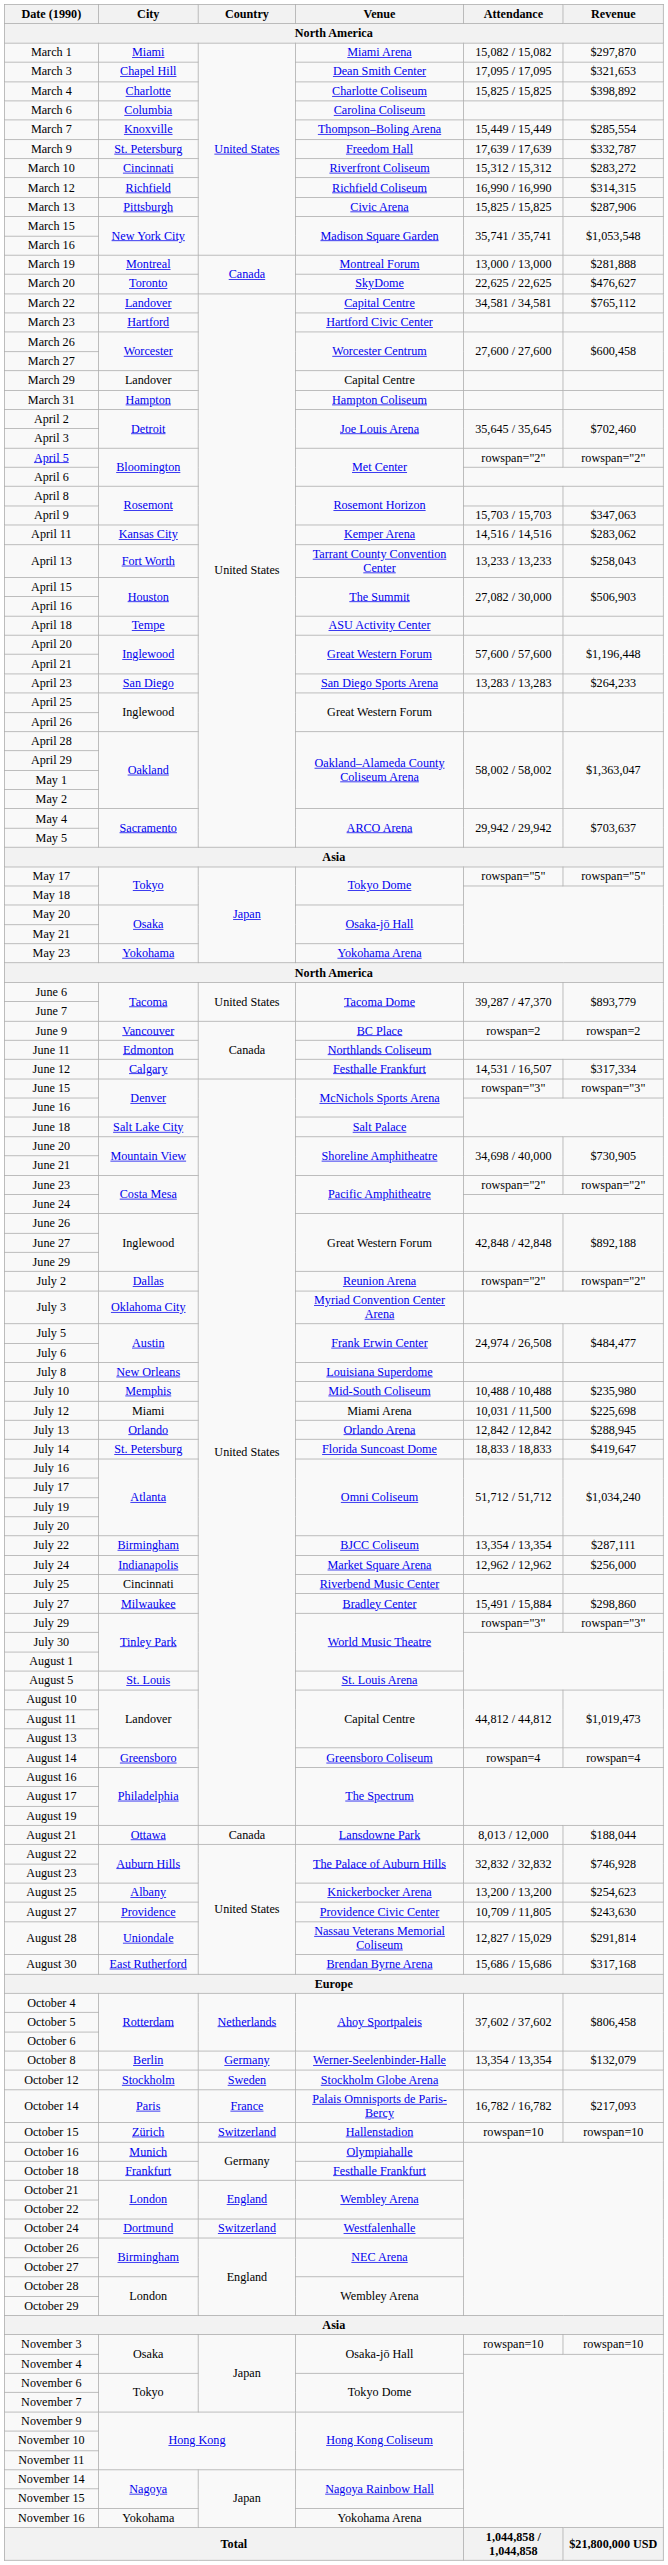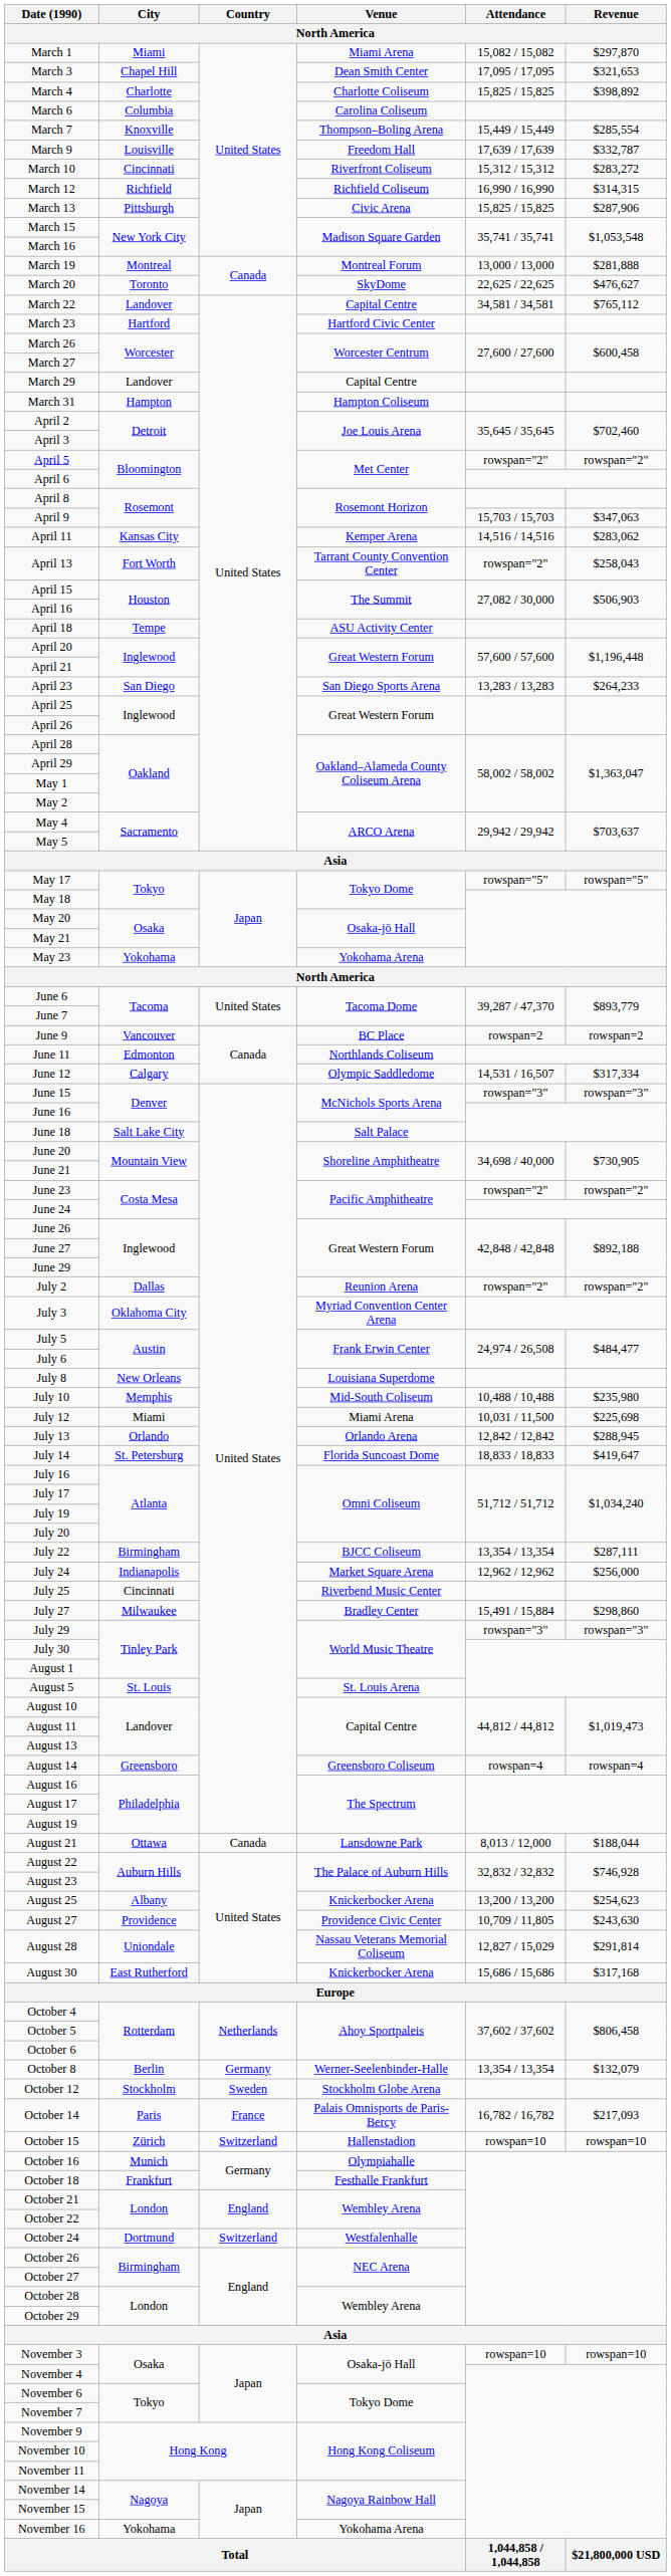 <table class="wikitable" style="text-align:center;">
 <tr>
 <th scope="col" style="width:10em;">Date (1990)</th>
 <th scope="col" style="width:10em;">City</th>
 <th scope="col" style="width:10em;">Country</th>
 <th scope="col" style="width:20em;">Venue</th>
 <th scope="col" style="width:10em;">Attendance</th>
 <th scope="col" style="width:10em;">Revenue</th>
 </tr>
 <tr>
 <th colspan="6">North America</th>
 </tr>
 <tr>
 <td>March 1</td>
 <td><a href='#'>Miami</a></td>
 <td rowspan="11"><a href='#'>United States</a></td>
 <td><a href='#'>Miami Arena</a></td>
 <td>15,082 / 15,082</td>
 <td>$297,870</td>
 </tr>
 <tr>
 <td>March 3</td>
 <td><a href='#'>Chapel Hill</a></td>
 <td><a href='#'>Dean Smith Center</a></td>
 <td>17,095 / 17,095</td>
 <td>$321,653</td>
 </tr>
 <tr>
 <td>March 4</td>
 <td><a href='#'>Charlotte</a></td>
 <td><a href='#'>Charlotte Coliseum</a></td>
 <td>15,825 / 15,825</td>
 <td>$398,892</td>
 </tr>
 <tr>
 <td>March 6</td>
 <td><a href='#'>Columbia</a></td>
 <td><a href='#'>Carolina Coliseum</a></td>
 <td></td>
 <td></td>
 </tr>
 <tr>
 <td>March 7</td>
 <td><a href='#'>Knoxville</a></td>
 <td><a href='#'>Thompson–Boling Arena</a></td>
 <td>15,449 / 15,449</td>
 <td>$285,554</td>
 </tr>
 <tr>
 <td>March 9</td>
-<td><a href='#'>St. Petersburg</a></td>
+<td><a href='#'>Louisville</a></td>
 <td><a href='#'>Freedom Hall</a></td>
 <td>17,639 / 17,639</td>
 <td>$332,787</td>
 </tr>
 <tr>
 <td>March 10</td>
 <td><a href='#'>Cincinnati</a></td>
 <td><a href='#'>Riverfront Coliseum</a></td>
 <td>15,312 / 15,312</td>
 <td>$283,272</td>
 </tr>
 <tr>
 <td>March 12</td>
 <td><a href='#'>Richfield</a></td>
 <td><a href='#'>Richfield Coliseum</a></td>
 <td>16,990 / 16,990</td>
 <td>$314,315</td>
 </tr>
 <tr>
 <td>March 13</td>
 <td><a href='#'>Pittsburgh</a></td>
 <td><a href='#'>Civic Arena</a></td>
 <td>15,825 / 15,825</td>
 <td>$287,906</td>
 </tr>
 <tr>
 <td>March 15</td>
 <td rowspan="2"><a href='#'>New York City</a></td>
 <td rowspan="2"><a href='#'>Madison Square Garden</a></td>
 <td rowspan="2">35,741 / 35,741</td>
 <td rowspan="2">$1,053,548</td>
 </tr>
 <tr>
 <td>March 16</td>
 </tr>
 <tr>
 <td>March 19</td>
 <td><a href='#'>Montreal</a></td>
 <td rowspan="2"><a href='#'>Canada</a></td>
 <td><a href='#'>Montreal Forum</a></td>
 <td>13,000 / 13,000</td>
 <td>$281,888</td>
 </tr>
 <tr>
 <td>March 20</td>
 <td><a href='#'>Toronto</a></td>
 <td><a href='#'>SkyDome</a></td>
 <td>22,625 / 22,625</td>
 <td>$476,627</td>
 </tr>
 <tr>
 <td>March 22</td>
 <td><a href='#'>Landover</a></td>
 <td rowspan="28">United States</td>
 <td><a href='#'>Capital Centre</a></td>
 <td>34,581 / 34,581</td>
 <td>$765,112</td>
 </tr>
 <tr>
 <td>March 23</td>
 <td><a href='#'>Hartford</a></td>
 <td><a href='#'>Hartford Civic Center</a></td>
 <td></td>
 <td></td>
 </tr>
 <tr>
 <td>March 26</td>
 <td rowspan="2"><a href='#'>Worcester</a></td>
 <td rowspan="2"><a href='#'>Worcester Centrum</a></td>
 <td rowspan="2">27,600 / 27,600</td>
 <td rowspan="2">$600,458</td>
 </tr>
 <tr>
 <td>March 27</td>
 </tr>
 <tr>
 <td>March 29</td>
 <td>Landover</td>
 <td>Capital Centre</td>
 <td></td>
 <td></td>
 </tr>
 <tr>
 <td>March 31</td>
 <td><a href='#'>Hampton</a></td>
 <td><a href='#'>Hampton Coliseum</a></td>
 <td></td>
 <td></td>
 </tr>
 <tr>
 <td>April 2</td>
 <td rowspan="2"><a href='#'>Detroit</a></td>
 <td rowspan="2"><a href='#'>Joe Louis Arena</a></td>
 <td rowspan="2">35,645 / 35,645</td>
 <td rowspan="2">$702,460</td>
 </tr>
 <tr>
 <td>April 3</td>
 </tr>
 <tr>
 <td><a href='#'>April 5</a></td>
 <td rowspan="2"><a href='#'>Bloomington</a></td>
 <td rowspan="2"><a href='#'>Met Center</a></td>
 <td>rowspan="2" </td>
 <td>rowspan="2" </td>
 </tr>
 <tr>
 <td>April 6</td>
 </tr>
 <tr>
 <td>April 8</td>
 <td rowspan="2"><a href='#'>Rosemont</a></td>
 <td rowspan="2"><a href='#'>Rosemont Horizon</a></td>
 <td></td>
 <td></td>
 </tr>
 <tr>
 <td>April 9</td>
 <td>15,703 / 15,703</td>
 <td>$347,063</td>
 </tr>
 <tr>
 <td>April 11</td>
 <td><a href='#'>Kansas City</a></td>
 <td><a href='#'>Kemper Arena</a></td>
 <td>14,516 / 14,516</td>
 <td>$283,062</td>
 </tr>
 <tr>
 <td>April 13</td>
 <td><a href='#'>Fort Worth</a></td>
 <td><a href='#'>Tarrant County Convention Center</a></td>
-<td>13,233 / 13,233</td>
+<td>rowspan="2" </td>
 <td>$258,043</td>
 </tr>
 <tr>
 <td>April 15</td>
 <td rowspan="2"><a href='#'>Houston</a></td>
 <td rowspan="2"><a href='#'>The Summit</a></td>
 <td rowspan="2">27,082 / 30,000</td>
 <td rowspan="2">$506,903</td>
 </tr>
 <tr>
 <td>April 16</td>
 </tr>
 <tr>
 <td>April 18</td>
 <td><a href='#'>Tempe</a></td>
 <td><a href='#'>ASU Activity Center</a></td>
 <td></td>
 <td></td>
 </tr>
 <tr>
 <td>April 20</td>
 <td rowspan="2"><a href='#'>Inglewood</a></td>
 <td rowspan="2"><a href='#'>Great Western Forum</a></td>
 <td rowspan="2">57,600 / 57,600</td>
 <td rowspan="2">$1,196,448</td>
 </tr>
 <tr>
 <td>April 21</td>
 </tr>
 <tr>
 <td>April 23</td>
 <td><a href='#'>San Diego</a></td>
 <td><a href='#'>San Diego Sports Arena</a></td>
 <td>13,283 / 13,283</td>
 <td>$264,233</td>
 </tr>
 <tr>
 <td>April 25</td>
 <td rowspan="2">Inglewood</td>
 <td rowspan="2">Great Western Forum</td>
 <td rowspan="2"></td>
 <td rowspan="2"></td>
 </tr>
 <tr>
 <td>April 26</td>
 </tr>
 <tr>
 <td>April 28</td>
 <td rowspan="4"><a href='#'>Oakland</a></td>
 <td rowspan="4"><a href='#'>Oakland–Alameda County Coliseum Arena</a></td>
 <td rowspan="4">58,002 / 58,002</td>
 <td rowspan="4">$1,363,047</td>
 </tr>
 <tr>
 <td>April 29</td>
 </tr>
 <tr>
 <td>May 1</td>
 </tr>
 <tr>
 <td>May 2</td>
 </tr>
 <tr>
 <td>May 4</td>
 <td rowspan="2"><a href='#'>Sacramento</a></td>
 <td rowspan="2"><a href='#'>ARCO Arena</a></td>
 <td rowspan="2">29,942 / 29,942</td>
 <td rowspan="2">$703,637</td>
 </tr>
 <tr>
 <td>May 5</td>
 </tr>
 <tr>
 <th colspan="6">Asia</th>
 </tr>
 <tr>
 <td>May 17</td>
 <td rowspan="2"><a href='#'>Tokyo</a></td>
 <td rowspan="5"><a href='#'>Japan</a></td>
 <td rowspan="2"><a href='#'>Tokyo Dome</a></td>
 <td>rowspan="5" </td>
 <td>rowspan="5" </td>
 </tr>
 <tr>
 <td>May 18</td>
 </tr>
 <tr>
 <td>May 20</td>
 <td rowspan="2"><a href='#'>Osaka</a></td>
 <td rowspan="2"><a href='#'>Osaka-jō Hall</a></td>
 </tr>
 <tr>
 <td>May 21</td>
 </tr>
 <tr>
 <td>May 23</td>
 <td><a href='#'>Yokohama</a></td>
 <td><a href='#'>Yokohama Arena</a></td>
 </tr>
 <tr>
 <th colspan="6">North America</th>
 </tr>
 <tr>
 <td>June 6</td>
 <td rowspan="2"><a href='#'>Tacoma</a></td>
 <td rowspan="2">United States</td>
 <td rowspan="2"><a href='#'>Tacoma Dome</a></td>
 <td rowspan="2">39,287 / 47,370</td>
 <td rowspan="2">$893,779</td>
 </tr>
 <tr>
 <td>June 7</td>
 </tr>
 <tr>
 <td>June 9</td>
 <td><a href='#'>Vancouver</a></td>
 <td rowspan="3">Canada</td>
 <td><a href='#'>BC Place</a></td>
 <td>rowspan=2 </td>
 <td>rowspan=2 </td>
 </tr>
 <tr>
 <td>June 11</td>
 <td><a href='#'>Edmonton</a></td>
 <td><a href='#'>Northlands Coliseum</a></td>
 </tr>
 <tr>
 <td>June 12</td>
 <td><a href='#'>Calgary</a></td>
-<td><a href='#'>Festhalle Frankfurt</a></td>
+<td><a href='#'>Olympic Saddledome</a></td>
 <td>14,531 / 16,507</td>
 <td>$317,334</td>
 </tr>
 <tr>
 <td>June 15</td>
 <td rowspan="2"><a href='#'>Denver</a></td>
 <td rowspan="38">United States</td>
 <td rowspan="2"><a href='#'>McNichols Sports Arena</a></td>
 <td>rowspan="3" </td>
 <td>rowspan="3" </td>
 </tr>
 <tr>
 <td>June 16</td>
 </tr>
 <tr>
 <td>June 18</td>
 <td><a href='#'>Salt Lake City</a></td>
 <td><a href='#'>Salt Palace</a></td>
 </tr>
 <tr>
 <td>June 20</td>
 <td rowspan="2"><a href='#'>Mountain View</a></td>
 <td rowspan="2"><a href='#'>Shoreline Amphitheatre</a></td>
 <td rowspan="2">34,698 / 40,000</td>
 <td rowspan="2">$730,905</td>
 </tr>
 <tr>
 <td>June 21</td>
 </tr>
 <tr>
 <td>June 23</td>
 <td rowspan="2"><a href='#'>Costa Mesa</a></td>
 <td rowspan="2"><a href='#'>Pacific Amphitheatre</a></td>
 <td>rowspan="2" </td>
 <td>rowspan="2" </td>
 </tr>
 <tr>
 <td>June 24</td>
 </tr>
 <tr>
 <td>June 26</td>
 <td rowspan="3">Inglewood</td>
 <td rowspan="3">Great Western Forum</td>
 <td rowspan="3">42,848 / 42,848</td>
 <td rowspan="3">$892,188</td>
 </tr>
 <tr>
 <td>June 27</td>
 </tr>
 <tr>
 <td>June 29</td>
 </tr>
 <tr>
 <td>July 2</td>
 <td><a href='#'>Dallas</a></td>
 <td><a href='#'>Reunion Arena</a></td>
 <td>rowspan="2" </td>
 <td>rowspan="2" </td>
 </tr>
 <tr>
 <td>July 3</td>
 <td><a href='#'>Oklahoma City</a></td>
 <td><a href='#'>Myriad Convention Center Arena</a></td>
 </tr>
 <tr>
 <td>July 5</td>
 <td rowspan="2"><a href='#'>Austin</a></td>
 <td rowspan="2"><a href='#'>Frank Erwin Center</a></td>
 <td rowspan="2">24,974 / 26,508</td>
 <td rowspan="2">$484,477</td>
 </tr>
 <tr>
 <td>July 6</td>
 </tr>
 <tr>
 <td>July 8</td>
 <td><a href='#'>New Orleans</a></td>
 <td><a href='#'>Louisiana Superdome</a></td>
 <td></td>
 <td></td>
 </tr>
 <tr>
 <td>July 10</td>
 <td><a href='#'>Memphis</a></td>
 <td><a href='#'>Mid-South Coliseum</a></td>
 <td>10,488 / 10,488</td>
 <td>$235,980</td>
 </tr>
 <tr>
 <td>July 12</td>
 <td>Miami</td>
 <td>Miami Arena</td>
 <td>10,031 / 11,500</td>
 <td>$225,698</td>
 </tr>
 <tr>
 <td>July 13</td>
 <td><a href='#'>Orlando</a></td>
 <td><a href='#'>Orlando Arena</a></td>
 <td>12,842 / 12,842</td>
 <td>$288,945</td>
 </tr>
 <tr>
 <td>July 14</td>
 <td><a href='#'>St. Petersburg</a></td>
 <td><a href='#'>Florida Suncoast Dome</a></td>
 <td>18,833 / 18,833</td>
 <td>$419,647</td>
 </tr>
 <tr>
 <td>July 16</td>
 <td rowspan="4"><a href='#'>Atlanta</a></td>
 <td rowspan="4"><a href='#'>Omni Coliseum</a></td>
 <td rowspan="4">51,712 / 51,712</td>
 <td rowspan="4">$1,034,240</td>
 </tr>
 <tr>
 <td>July 17</td>
 </tr>
 <tr>
 <td>July 19</td>
 </tr>
 <tr>
 <td>July 20</td>
 </tr>
 <tr>
 <td>July 22</td>
 <td><a href='#'>Birmingham</a></td>
 <td><a href='#'>BJCC Coliseum</a></td>
 <td>13,354 / 13,354</td>
 <td>$287,111</td>
 </tr>
 <tr>
 <td>July 24</td>
 <td><a href='#'>Indianapolis</a></td>
 <td><a href='#'>Market Square Arena</a></td>
 <td>12,962 / 12,962</td>
 <td>$256,000</td>
 </tr>
 <tr>
 <td>July 25</td>
 <td>Cincinnati</td>
 <td><a href='#'>Riverbend Music Center</a></td>
 <td></td>
 <td></td>
 </tr>
 <tr>
 <td>July 27</td>
 <td><a href='#'>Milwaukee</a></td>
 <td><a href='#'>Bradley Center</a></td>
 <td>15,491 / 15,884</td>
 <td>$298,860</td>
 </tr>
 <tr>
 <td>July 29</td>
 <td rowspan="3"><a href='#'>Tinley Park</a></td>
 <td rowspan="3"><a href='#'>World Music Theatre</a></td>
 <td>rowspan="3"</td>
 <td>rowspan="3"</td>
 </tr>
 <tr>
 <td>July 30</td>
 </tr>
 <tr>
 <td>August 1</td>
 </tr>
 <tr>
 <td>August 5</td>
 <td><a href='#'>St. Louis</a></td>
 <td><a href='#'>St. Louis Arena</a></td>
 </tr>
 <tr>
 <td>August 10</td>
 <td rowspan="3">Landover</td>
 <td rowspan="3">Capital Centre</td>
 <td rowspan="3">44,812 / 44,812</td>
 <td rowspan="3">$1,019,473</td>
 </tr>
 <tr>
 <td>August 11</td>
 </tr>
 <tr>
 <td>August 13</td>
 </tr>
 <tr>
 <td>August 14</td>
 <td><a href='#'>Greensboro</a></td>
 <td><a href='#'>Greensboro Coliseum</a></td>
 <td>rowspan=4 </td>
 <td>rowspan=4 </td>
 </tr>
 <tr>
 <td>August 16</td>
 <td rowspan="3"><a href='#'>Philadelphia</a></td>
 <td rowspan="3"><a href='#'>The Spectrum</a></td>
 </tr>
 <tr>
 <td>August 17</td>
 </tr>
 <tr>
 <td>August 19</td>
 </tr>
 <tr>
 <td>August 21</td>
 <td><a href='#'>Ottawa</a></td>
 <td>Canada</td>
 <td><a href='#'>Lansdowne Park</a></td>
 <td>8,013 / 12,000</td>
 <td>$188,044</td>
 </tr>
 <tr>
 <td>August 22</td>
 <td rowspan="2"><a href='#'>Auburn Hills</a></td>
 <td rowspan="6">United States</td>
 <td rowspan="2"><a href='#'>The Palace of Auburn Hills</a></td>
 <td rowspan="2">32,832 / 32,832</td>
 <td rowspan="2">$746,928</td>
 </tr>
 <tr>
 <td>August 23</td>
 </tr>
 <tr>
 <td>August 25</td>
 <td><a href='#'>Albany</a></td>
 <td><a href='#'>Knickerbocker Arena</a></td>
 <td>13,200 / 13,200</td>
 <td>$254,623</td>
 </tr>
 <tr>
 <td>August 27</td>
 <td><a href='#'>Providence</a></td>
 <td><a href='#'>Providence Civic Center</a></td>
 <td>10,709 / 11,805</td>
 <td>$243,630</td>
 </tr>
 <tr>
 <td>August 28</td>
 <td><a href='#'>Uniondale</a></td>
 <td><a href='#'>Nassau Veterans Memorial Coliseum</a></td>
 <td>12,827 / 15,029</td>
 <td>$291,814</td>
 </tr>
 <tr>
 <td>August 30</td>
 <td><a href='#'>East Rutherford</a></td>
-<td><a href='#'>Brendan Byrne Arena</a></td>
+<td><a href='#'>Knickerbocker Arena</a></td>
 <td>15,686 / 15,686</td>
 <td>$317,168</td>
 </tr>
 <tr>
 <th colspan="6">Europe</th>
 </tr>
 <tr>
 <td>October 4</td>
 <td rowspan="3"><a href='#'>Rotterdam</a></td>
 <td rowspan="3"><a href='#'>Netherlands</a></td>
 <td rowspan="3"><a href='#'>Ahoy Sportpaleis</a></td>
 <td rowspan="3">37,602 / 37,602</td>
 <td rowspan="3">$806,458</td>
 </tr>
 <tr>
 <td>October 5</td>
 </tr>
 <tr>
 <td>October 6</td>
 </tr>
 <tr>
 <td>October 8</td>
 <td><a href='#'>Berlin</a></td>
 <td><a href='#'>Germany</a></td>
 <td><a href='#'>Werner-Seelenbinder-Halle</a></td>
 <td>13,354 / 13,354</td>
 <td>$132,079</td>
 </tr>
 <tr>
 <td>October 12</td>
 <td><a href='#'>Stockholm</a></td>
 <td><a href='#'>Sweden</a></td>
 <td><a href='#'>Stockholm Globe Arena</a></td>
 <td></td>
 <td></td>
 </tr>
 <tr>
 <td>October 14</td>
 <td><a href='#'>Paris</a></td>
 <td><a href='#'>France</a></td>
 <td><a href='#'>Palais Omnisports de Paris-Bercy</a></td>
 <td>16,782 / 16,782</td>
 <td>$217,093</td>
 </tr>
 <tr>
 <td>October 15</td>
 <td><a href='#'>Zürich</a></td>
 <td><a href='#'>Switzerland</a></td>
 <td><a href='#'>Hallenstadion</a></td>
 <td>rowspan=10 </td>
 <td>rowspan=10 </td>
 </tr>
 <tr>
 <td>October 16</td>
 <td><a href='#'>Munich</a></td>
 <td rowspan="2">Germany</td>
 <td><a href='#'>Olympiahalle</a></td>
 </tr>
 <tr>
 <td>October 18</td>
 <td rowspan="1"><a href='#'>Frankfurt</a></td>
 <td><a href='#'>Festhalle Frankfurt</a></td>
 </tr>
 <tr>
 <td>October 21</td>
 <td rowspan="2"><a href='#'>London</a></td>
 <td rowspan="2"><a href='#'>England</a></td>
 <td rowspan="2"><a href='#'>Wembley Arena</a></td>
 </tr>
 <tr>
 <td>October 22</td>
 </tr>
 <tr>
 <td>October 24</td>
 <td rowspan="1"><a href='#'>Dortmund</a></td>
 <td><a href='#'>Switzerland</a></td>
 <td><a href='#'>Westfalenhalle</a></td>
 </tr>
 <tr>
 <td>October 26</td>
 <td rowspan="2"><a href='#'>Birmingham</a></td>
 <td rowspan="4">England</td>
 <td rowspan="2"><a href='#'>NEC Arena</a></td>
 </tr>
 <tr>
 <td>October 27</td>
 </tr>
 <tr>
 <td>October 28</td>
 <td rowspan="2">London</td>
 <td rowspan="2">Wembley Arena</td>
 </tr>
 <tr>
 <td>October 29</td>
 </tr>
 <tr>
 <th colspan="6">Asia</th>
 </tr>
 <tr>
 <td>November 3</td>
 <td rowspan="2">Osaka</td>
 <td rowspan="4">Japan</td>
 <td rowspan="2">Osaka-jō Hall</td>
 <td>rowspan=10 </td>
 <td>rowspan=10 </td>
 </tr>
 <tr>
 <td>November 4</td>
 </tr>
 <tr>
 <td>November 6</td>
 <td rowspan="2">Tokyo</td>
 <td rowspan="2">Tokyo Dome</td>
 </tr>
 <tr>
 <td>November 7</td>
 </tr>
 <tr>
 <td>November 9</td>
 <td rowspan="3" colspan=2><a href='#'>Hong Kong</a></td>
 <td rowspan="3"><a href='#'>Hong Kong Coliseum</a></td>
 </tr>
 <tr>
 <td>November 10</td>
 </tr>
 <tr>
 <td>November 11</td>
 </tr>
 <tr>
 <td>November 14</td>
 <td rowspan="2"><a href='#'>Nagoya</a></td>
 <td rowspan="3">Japan</td>
 <td rowspan="2"><a href='#'>Nagoya Rainbow Hall</a></td>
 </tr>
 <tr>
 <td>November 15</td>
 </tr>
 <tr>
 <td>November 16</td>
 <td>Yokohama</td>
 <td>Yokohama Arena</td>
 </tr>
 <tr>
 <th colspan="4">Total</th>
 <th>1,044,858 / 1,044,858</th>
 <th>$21,800,000 USD</th>
 </tr>
 </table>
